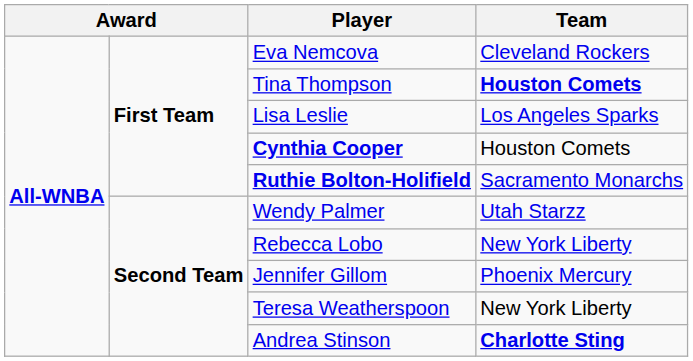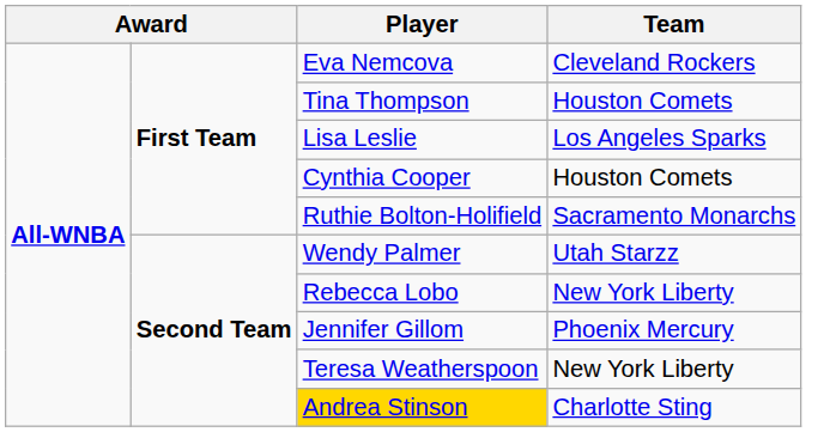 <table class="wikitable">
 <tr>
 <th colspan=2>Award</th>
 <th>Player</th>
 <th>Team</th>
 </tr>
 <tr>
 <td rowspan=10><strong><a href='#'>All-WNBA</a></strong></td>
 <td rowspan=5><strong>First Team</strong></td>
 <td><a href='#'>Eva Nemcova</a></td>
 <td><a href='#'>Cleveland Rockers</a></td>
 </tr>
 <tr>
 <td><a href='#'>Tina Thompson</a></td>
-<td><strong><a href='#'>Houston Comets</a></strong></td>
+<td><a href='#'>Houston Comets</a></td>
 </tr>
 <tr>
 <td><a href='#'>Lisa Leslie</a></td>
 <td><a href='#'>Los Angeles Sparks</a></td>
 </tr>
 <tr>
-<td><strong><a href='#'>Cynthia Cooper</a></strong></td>
+<td><a href='#'>Cynthia Cooper</a></td>
 <td>Houston Comets</td>
 </tr>
 <tr>
-<td><strong><a href='#'>Ruthie Bolton-Holifield</a></strong></td>
+<td><a href='#'>Ruthie Bolton-Holifield</a></td>
 <td><a href='#'>Sacramento Monarchs</a></td>
 </tr>
 <tr>
 <td rowspan=5><strong>Second Team</strong></td>
 <td><a href='#'>Wendy Palmer</a></td>
 <td><a href='#'>Utah Starzz</a></td>
 </tr>
 <tr>
 <td><a href='#'>Rebecca Lobo</a></td>
 <td><a href='#'>New York Liberty</a></td>
 </tr>
 <tr>
 <td><a href='#'>Jennifer Gillom</a></td>
 <td><a href='#'>Phoenix Mercury</a></td>
 </tr>
 <tr>
 <td><a href='#'>Teresa Weatherspoon</a></td>
 <td>New York Liberty</td>
 </tr>
 <tr>
-<td><a href='#'>Andrea Stinson</a></td>
-<td><strong><a href='#'>Charlotte Sting</a></strong></td>
+<td style="background: gold;"><a href='#'>Andrea Stinson</a></td>
+<td><a href='#'>Charlotte Sting</a></td>
 </tr>
 </table>
